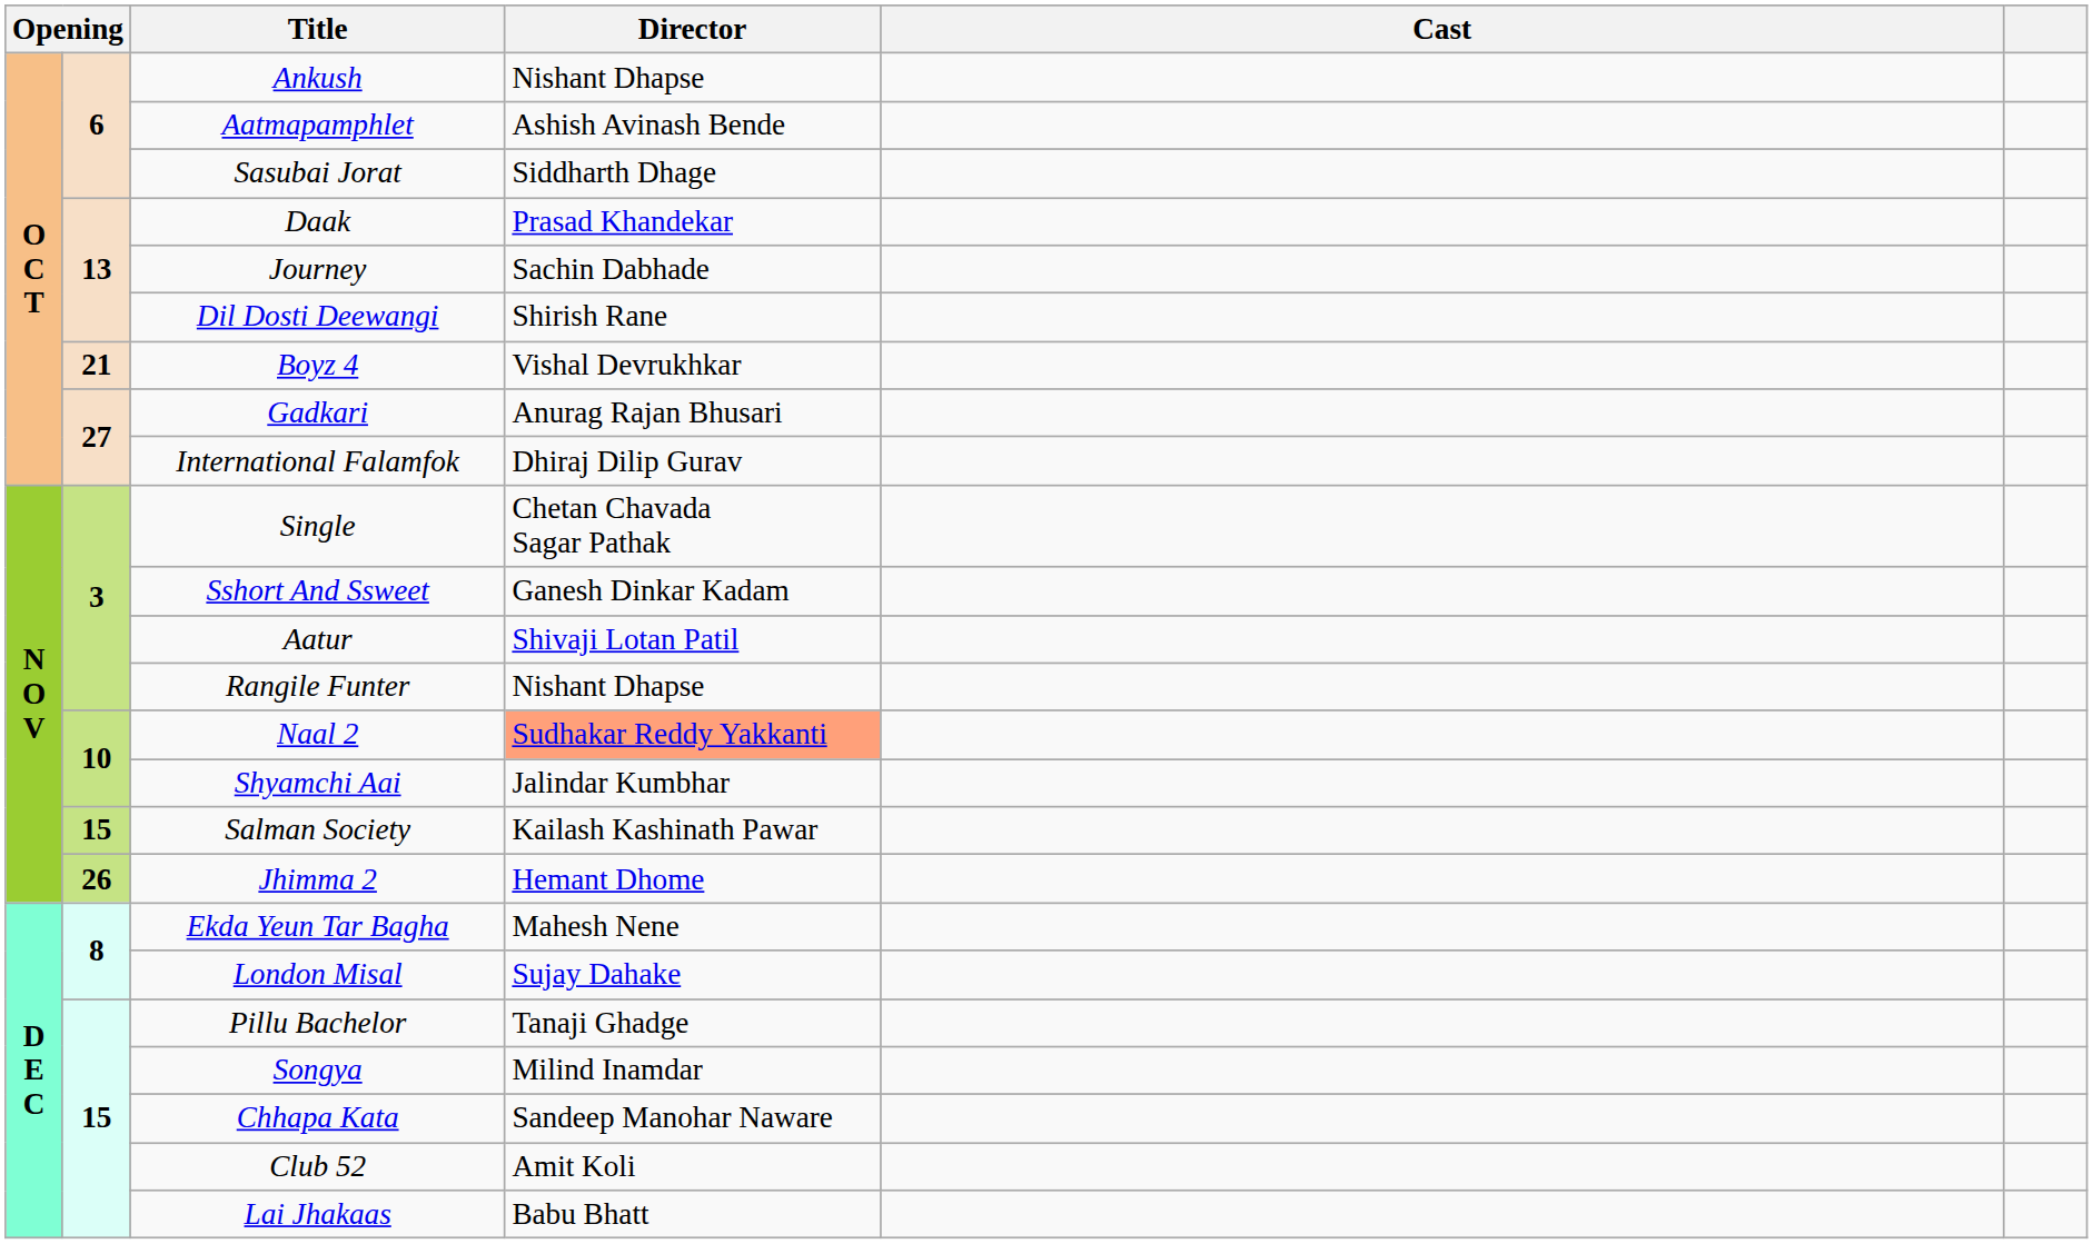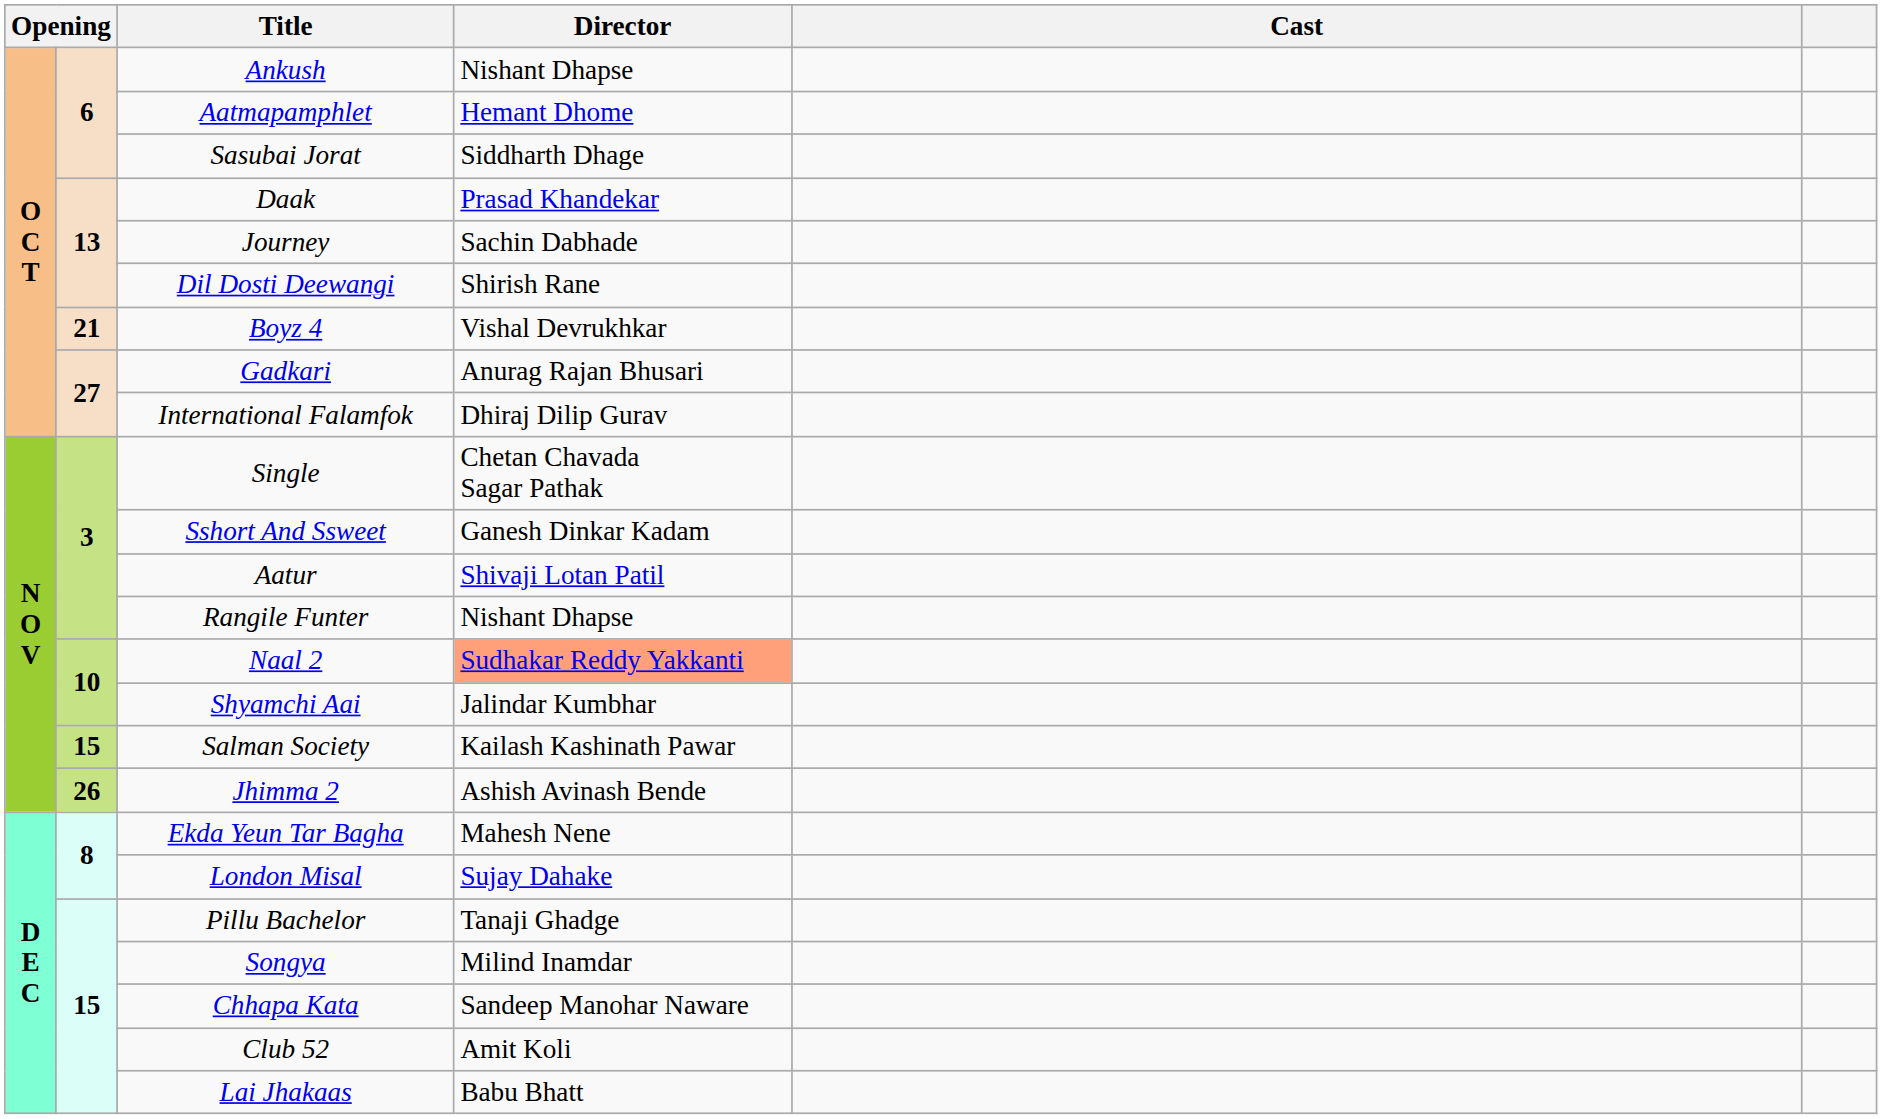 <table class="wikitable sortable">
 <tr>
 <th colspan="2" style="width:6%">Opening</th>
 <th style="width:18%">Title</th>
 <th style="width:18%">Director</th>
 <th>Cast</th>
 <th style="width:4%;"></th>
 </tr>
 <tr>
 <th rowspan="9" style="text-align:center; background:#f7bf87; text color:#000;">O<br>C<br>T</th>
 <td rowspan="3" style="text-align:center; background:#f7dfc7"><strong>6</strong></td>
 <td style="text-align:center"><em><a href='#'>Ankush</a></em></td>
 <td>Nishant Dhapse</td>
 <td></td>
 <td style="text-align:center"></td>
 </tr>
 <tr>
 <td style="text-align:center"><em><a href='#'>Aatmapamphlet</a></em></td>
-<td>Ashish Avinash Bende</td>
+<td><a href='#'>Hemant Dhome</a></td>
 <td></td>
 <td style="text-align:center"></td>
 </tr>
 <tr>
 <td style="text-align:center"><em>Sasubai Jorat</em></td>
 <td>Siddharth Dhage</td>
 <td></td>
 <td style="text-align:center"></td>
 </tr>
 <tr>
 <td rowspan="3" style="text-align:center; background:#f7dfc7"><strong>13</strong></td>
 <td style="text-align:center"><em>Daak</em></td>
 <td><a href='#'>Prasad Khandekar</a></td>
 <td></td>
 <td style="text-align:center"></td>
 </tr>
 <tr>
 <td style="text-align:center"><em>Journey</em></td>
 <td>Sachin Dabhade</td>
 <td></td>
 <td style="text-align:center"></td>
 </tr>
 <tr>
 <td style="text-align:center"><em><a href='#'>Dil Dosti Deewangi</a></em></td>
 <td>Shirish Rane</td>
 <td></td>
 <td style="text-align:center"></td>
 </tr>
 <tr>
 <td rowspan="1" style="text-align:center; background:#f7dfc7"><strong>21</strong></td>
 <td style="text-align:center"><em><a href='#'>Boyz 4</a></em></td>
 <td>Vishal Devrukhkar</td>
 <td></td>
 <td style="text-align:center"></td>
 </tr>
 <tr>
 <td rowspan="2" style="text-align:center; background:#f7dfc7"><strong>27</strong></td>
 <td style="text-align:center"><em><a href='#'>Gadkari</a></em></td>
 <td>Anurag Rajan Bhusari</td>
 <td></td>
 <td style="text-align:center"></td>
 </tr>
 <tr>
 <td style="text-align:center"><em>International Falamfok</em></td>
 <td>Dhiraj Dilip Gurav</td>
 <td></td>
 <td style="text-align:center"></td>
 </tr>
 <tr>
 <td rowspan="8" style="text-align:center; background:#9ACD32; textcolor:#000;"><strong>N<br>O<br>V</strong></td>
 <td rowspan="4" style="text-align:center; background:#C5E384"><strong>3</strong></td>
 <td style="text-align:center"><em>Single</em></td>
 <td>Chetan Chavada<br>Sagar Pathak</td>
 <td></td>
 <td style="text-align:center"></td>
 </tr>
 <tr>
 <td style="text-align:center"><em><a href='#'>Sshort And Ssweet</a></em></td>
 <td>Ganesh Dinkar Kadam</td>
 <td></td>
 <td style="text-align:center"></td>
 </tr>
 <tr>
 <td style="text-align:center"><em>Aatur</em></td>
 <td><a href='#'>Shivaji Lotan Patil</a></td>
 <td></td>
 <td style="text-align:center"></td>
 </tr>
 <tr>
 <td style="text-align:center"><em>Rangile Funter</em></td>
 <td>Nishant Dhapse</td>
 <td></td>
 <td style="text-align:center"></td>
 </tr>
 <tr>
 <td rowspan="2" style="text-align:center; background:#C5E384;"><strong>10</strong></td>
 <td style="text-align:center"><em><a href='#'>Naal 2</a></em></td>
 <td style="background: lightsalmon;"><a href='#'>Sudhakar Reddy Yakkanti</a></td>
 <td></td>
 <td style="text-align:center"></td>
 </tr>
 <tr>
 <td style="text-align:center"><em><a href='#'>Shyamchi Aai</a></em></td>
 <td>Jalindar Kumbhar</td>
 <td></td>
 <td style="text-align:center"></td>
 </tr>
 <tr>
 <td style="text-align:center; background:#C5E384;"><strong>15</strong></td>
 <td style="text-align:center"><em>Salman Society</em></td>
 <td>Kailash Kashinath Pawar</td>
 <td></td>
 <td style="text-align:center"></td>
 </tr>
 <tr>
 <td style="text-align:center; background:#C5E384;"><strong>26</strong></td>
 <td style="text-align:center"><em><a href='#'>Jhimma 2</a></em></td>
-<td><a href='#'>Hemant Dhome</a></td>
+<td>Ashish Avinash Bende</td>
 <td></td>
 <td style="text-align:center"></td>
 </tr>
 <tr>
 <td rowspan="10" style="text-align:center; background:#7FFFD4; textcolor:#000;"><strong>D<br>E<br>C</strong></td>
 <td rowspan="2" style="text-align:center; background:#dbfff8; textcolor:#000;"><strong>8</strong></td>
 <td style="text-align:center"><em><a href='#'>Ekda Yeun Tar Bagha</a></em></td>
 <td>Mahesh Nene</td>
 <td></td>
 <td style="text-align:center"></td>
 </tr>
 <tr>
 <td style="text-align:center"><em><a href='#'>London Misal</a></em></td>
 <td><a href='#'>Sujay Dahake</a></td>
 <td></td>
 <td style="text-align:center"></td>
 </tr>
 <tr>
 <td rowspan="5" style="text-align:center; background:#dbfff8; textcolor:#000;"><strong>15</strong></td>
 <td style="text-align:center"><em>Pillu Bachelor</em></td>
 <td>Tanaji Ghadge</td>
 <td></td>
 <td style="text-align:center"></td>
 </tr>
 <tr>
 <td style="text-align:center"><em><a href='#'>Songya</a></em></td>
 <td>Milind Inamdar</td>
 <td></td>
 <td style="text-align:center"></td>
 </tr>
 <tr>
 <td style="text-align:center"><em><a href='#'>Chhapa Kata</a></em></td>
 <td>Sandeep Manohar Naware</td>
 <td></td>
 <td style="text-align:center"></td>
 </tr>
 <tr>
 <td style="text-align:center"><em>Club 52</em></td>
 <td>Amit Koli</td>
 <td></td>
 <td style="text-align:center"></td>
 </tr>
 <tr>
 <td style="text-align:center"><em><a href='#'>Lai Jhakaas</a></em></td>
 <td>Babu Bhatt</td>
 <td></td>
 <td style="text-align:center"></td>
 </tr>
 </table>
